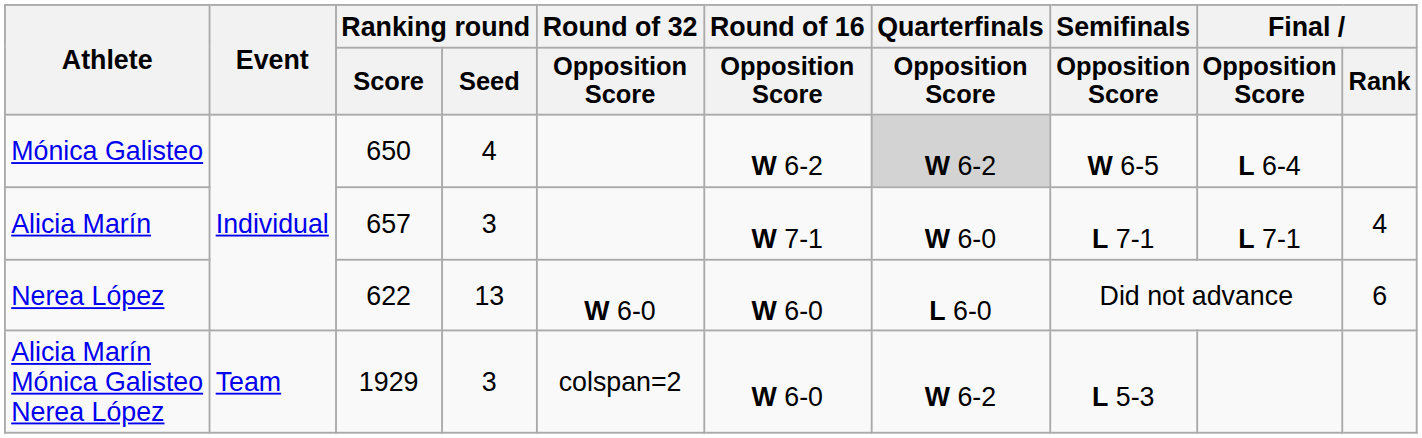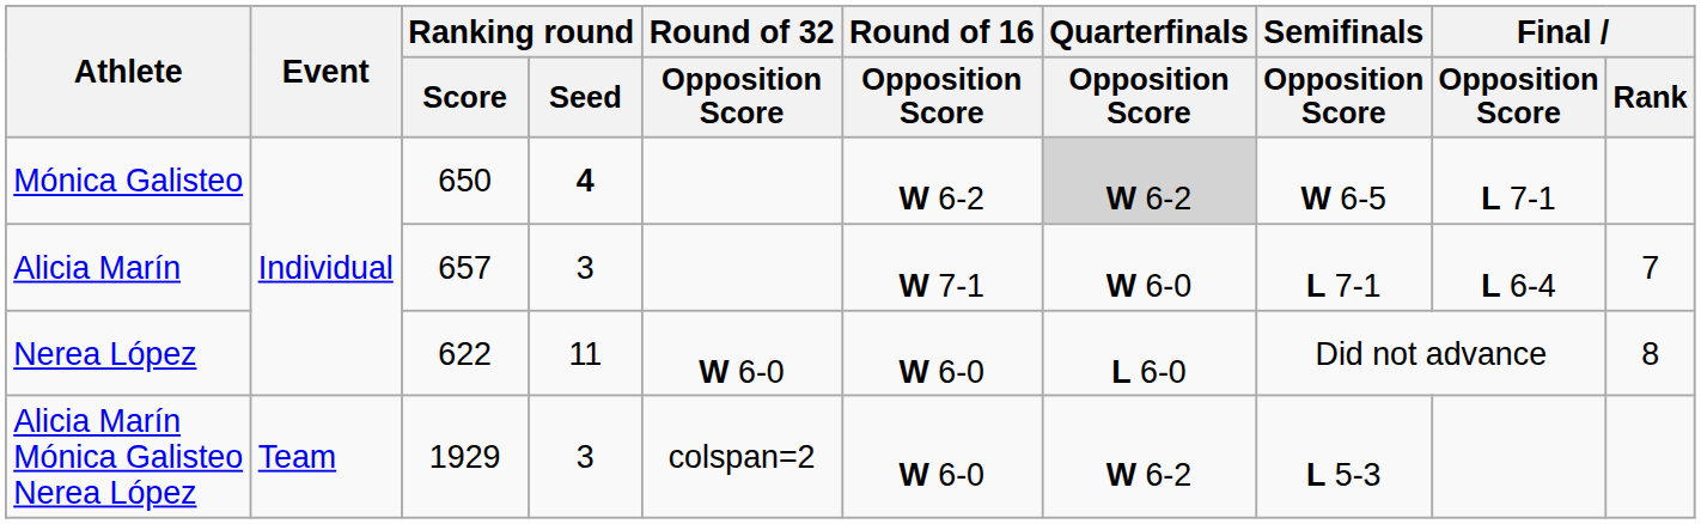 <table class="wikitable" style="font-size:90%">
 <tr>
 <th rowspan=2>Athlete</th>
 <th rowspan=2>Event</th>
 <th colspan=2>Ranking round</th>
 <th>Round of 32</th>
 <th>Round of 16</th>
 <th>Quarterfinals</th>
 <th>Semifinals</th>
 <th colspan=2>Final / </th>
 </tr>
 <tr style="font-size:95%">
 <th>Score</th>
 <th>Seed</th>
 <th>Opposition<br>Score</th>
 <th>Opposition<br>Score</th>
 <th>Opposition<br>Score</th>
 <th>Opposition<br>Score</th>
 <th>Opposition<br>Score</th>
 <th>Rank</th>
 </tr>
 <tr align=center>
 <td align=left><a href='#'>Mónica Galisteo</a></td>
 <td align=left rowspan=3><a href='#'>Individual</a></td>
 <td>650</td>
-<td>4</td>
+<td><strong>4</strong></td>
 <td></td>
 <td><br><strong>W</strong> 6-2</td>
 <td style="background: lightgrey;"><br><strong>W</strong> 6-2</td>
 <td><br><strong>W</strong> 6-5</td>
-<td><br><strong>L</strong> 6-4</td>
+<td><br><strong>L</strong> 7-1</td>
 <td></td>
 </tr>
 <tr align=center>
 <td align=left><a href='#'>Alicia Marín</a></td>
 <td>657</td>
 <td>3</td>
 <td></td>
 <td><br><strong>W</strong> 7-1</td>
 <td><br><strong>W</strong> 6-0</td>
 <td><br><strong>L</strong> 7-1</td>
-<td><br><strong>L</strong> 7-1</td>
-<td>4</td>
+<td><br><strong>L</strong> 6-4</td>
+<td>7</td>
 </tr>
 <tr align=center>
 <td align=left><a href='#'>Nerea López</a></td>
 <td>622</td>
-<td>13</td>
+<td>11</td>
 <td><br><strong>W</strong> 6-0</td>
 <td><br><strong>W</strong> 6-0</td>
 <td><br><strong>L</strong> 6-0</td>
 <td colspan=2>Did not advance</td>
-<td>6</td>
+<td>8</td>
 </tr>
 <tr align=center>
 <td align=left><a href='#'>Alicia Marín</a><br><a href='#'>Mónica Galisteo</a><br><a href='#'>Nerea López</a></td>
 <td align=left><a href='#'>Team</a></td>
 <td>1929</td>
 <td>3</td>
 <td>colspan=2 </td>
 <td><br><strong>W</strong> 6-0</td>
 <td><br><strong>W</strong> 6-2</td>
 <td><br><strong>L</strong> 5-3</td>
 <td></td>
 </tr>
 </table>
